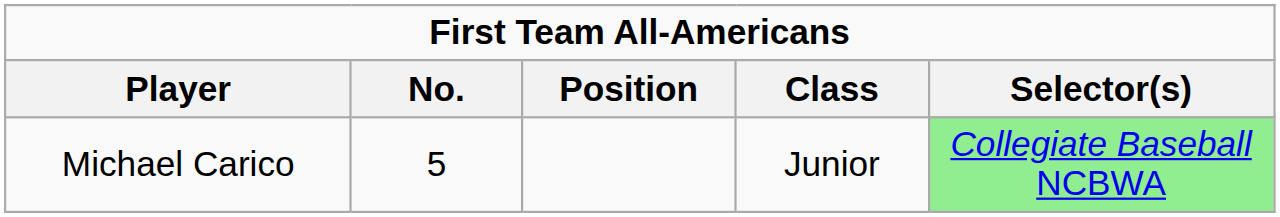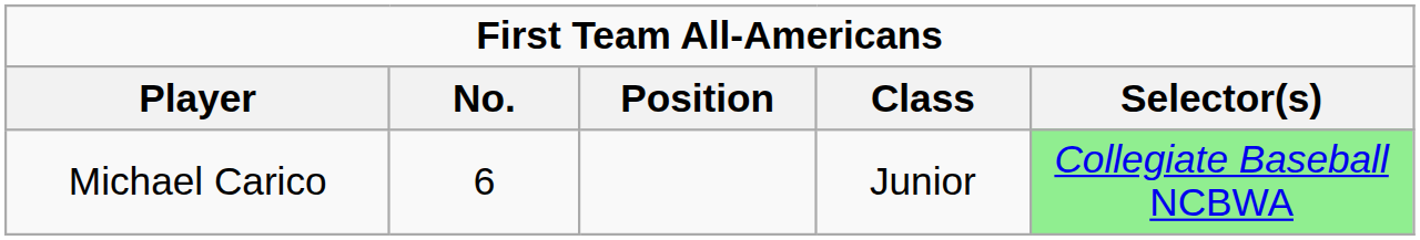 <table class="wikitable" style="text-align:center">
 <tr>
 <td colspan="5"><strong>First Team All-Americans</strong></td>
 </tr>
 <tr>
 <th style="width:150px; ">Player</th>
 <th style="width:70px; ">No.</th>
 <th style="width:90px; ">Position</th>
 <th style="width:80px; ">Class</th>
 <th style="width:150px; ">Selector(s)</th>
 </tr>
 <tr>
 <td>Michael Carico</td>
-<td>5</td>
+<td>6</td>
 <td></td>
 <td>Junior</td>
 <td style="background: lightgreen;"><em><a href='#'>Collegiate Baseball</a></em><br><a href='#'>NCBWA</a></td>
 </tr>
 </table>
